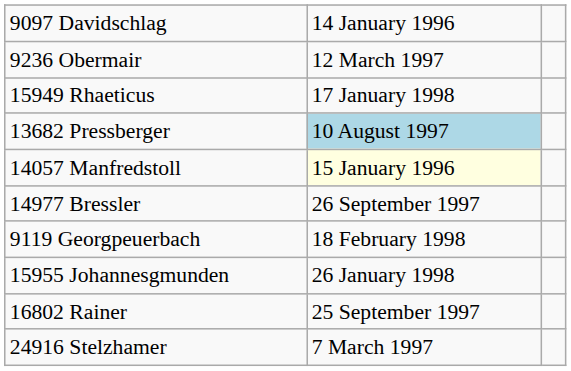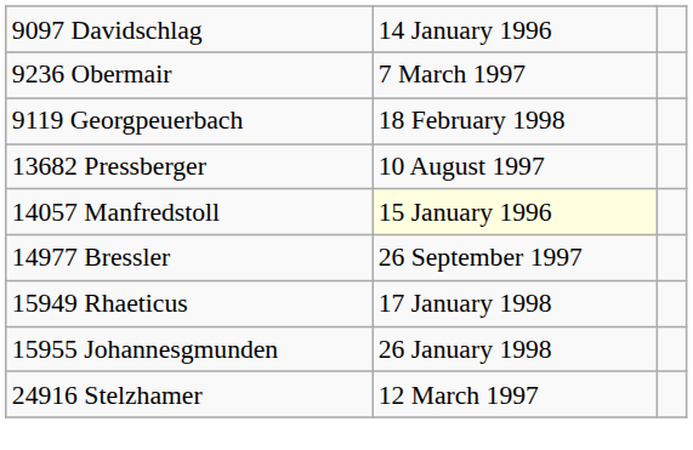 <table class="wikitable" style="font-size: 89%; float: left; width: 26em; margin-right: 1em; height: 224px;">
 <tr>
 <td>9097 Davidschlag</td>
 <td>14 January 1996</td>
 <td>  </td>
 </tr>
 <tr>
 <td>9236 Obermair</td>
-<td>12 March 1997</td>
+<td>7 March 1997</td>
 <td></td>
 </tr>
 <tr>
-<td>15949 Rhaeticus</td>
-<td>17 January 1998</td>
-<td> </td>
+<td>9119 Georgpeuerbach</td>
+<td>18 February 1998</td>
+<td>  </td>
 </tr>
 <tr>
 <td>13682 Pressberger</td>
-<td style="background: lightblue;">10 August 1997</td>
+<td>10 August 1997</td>
 <td> </td>
 </tr>
 <tr>
 <td>14057 Manfredstoll</td>
 <td style="background: lightyellow;">15 January 1996</td>
 <td> </td>
 </tr>
 <tr>
 <td>14977 Bressler</td>
 <td>26 September 1997</td>
 <td></td>
 </tr>
 <tr>
-<td>9119 Georgpeuerbach</td>
-<td>18 February 1998</td>
-<td>  </td>
+<td>15949 Rhaeticus</td>
+<td>17 January 1998</td>
+<td> </td>
 </tr>
 <tr>
 <td>15955 Johannesgmunden</td>
 <td>26 January 1998</td>
 <td></td>
 </tr>
 <tr>
-<td>16802 Rainer</td>
-<td>25 September 1997</td>
-<td></td>
-</tr>
-<tr>
 <td>24916 Stelzhamer</td>
-<td>7 March 1997</td>
+<td>12 March 1997</td>
 <td></td>
 </tr>
 </table>
